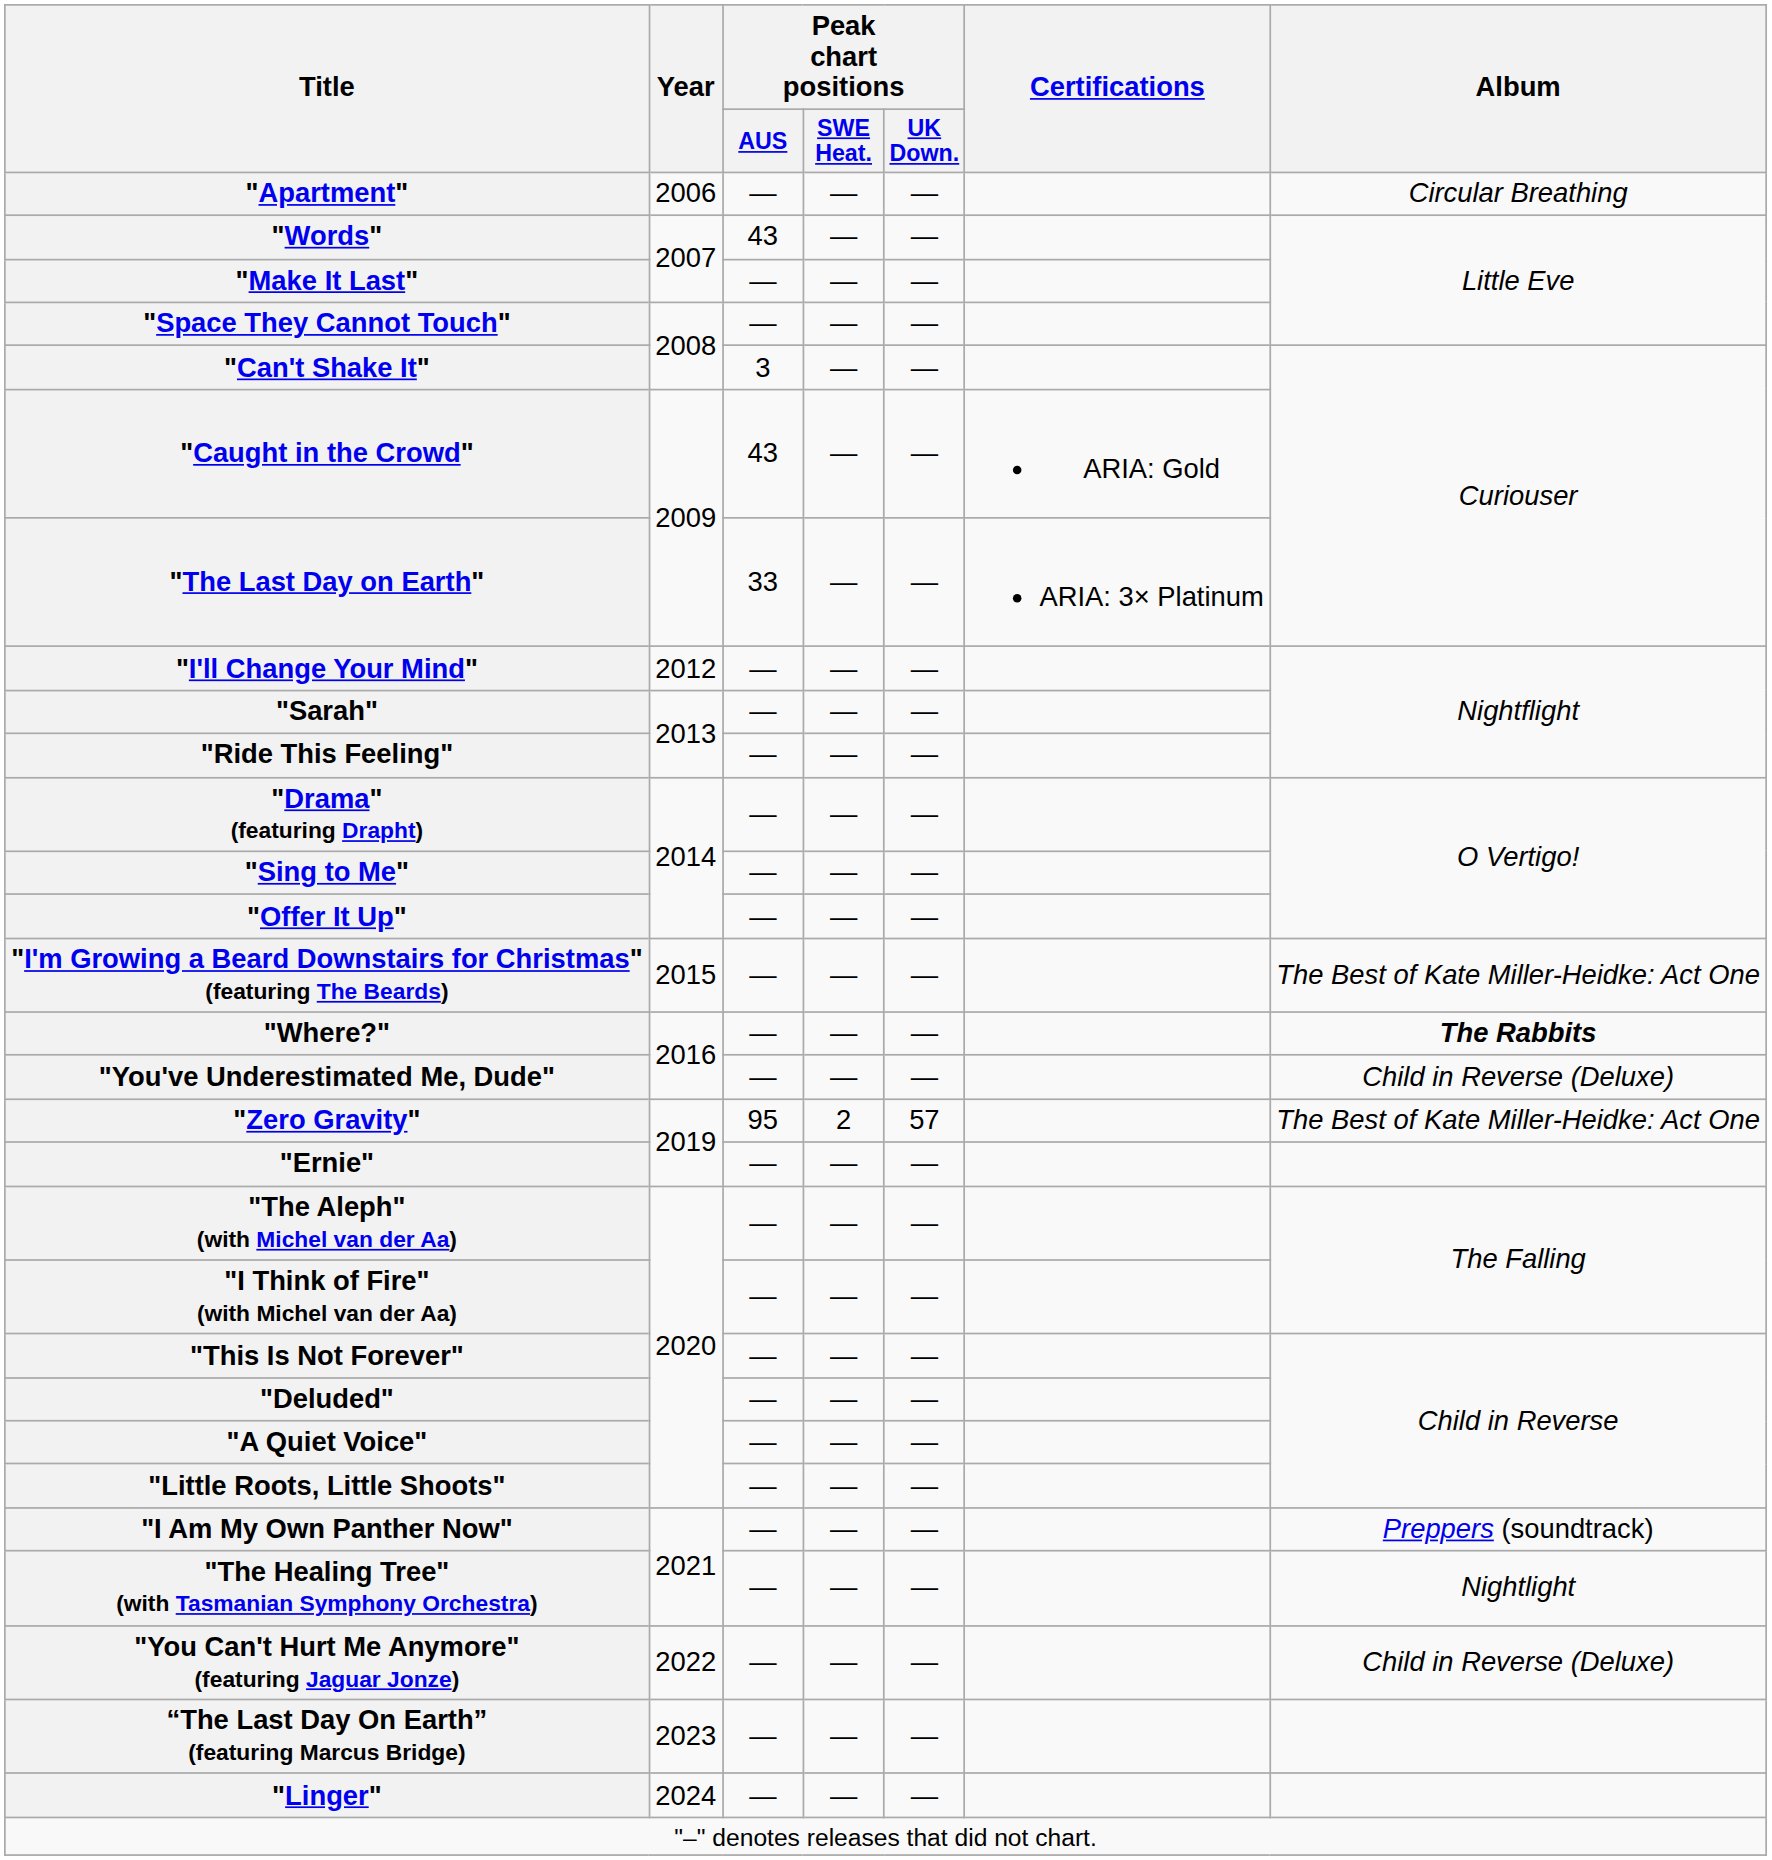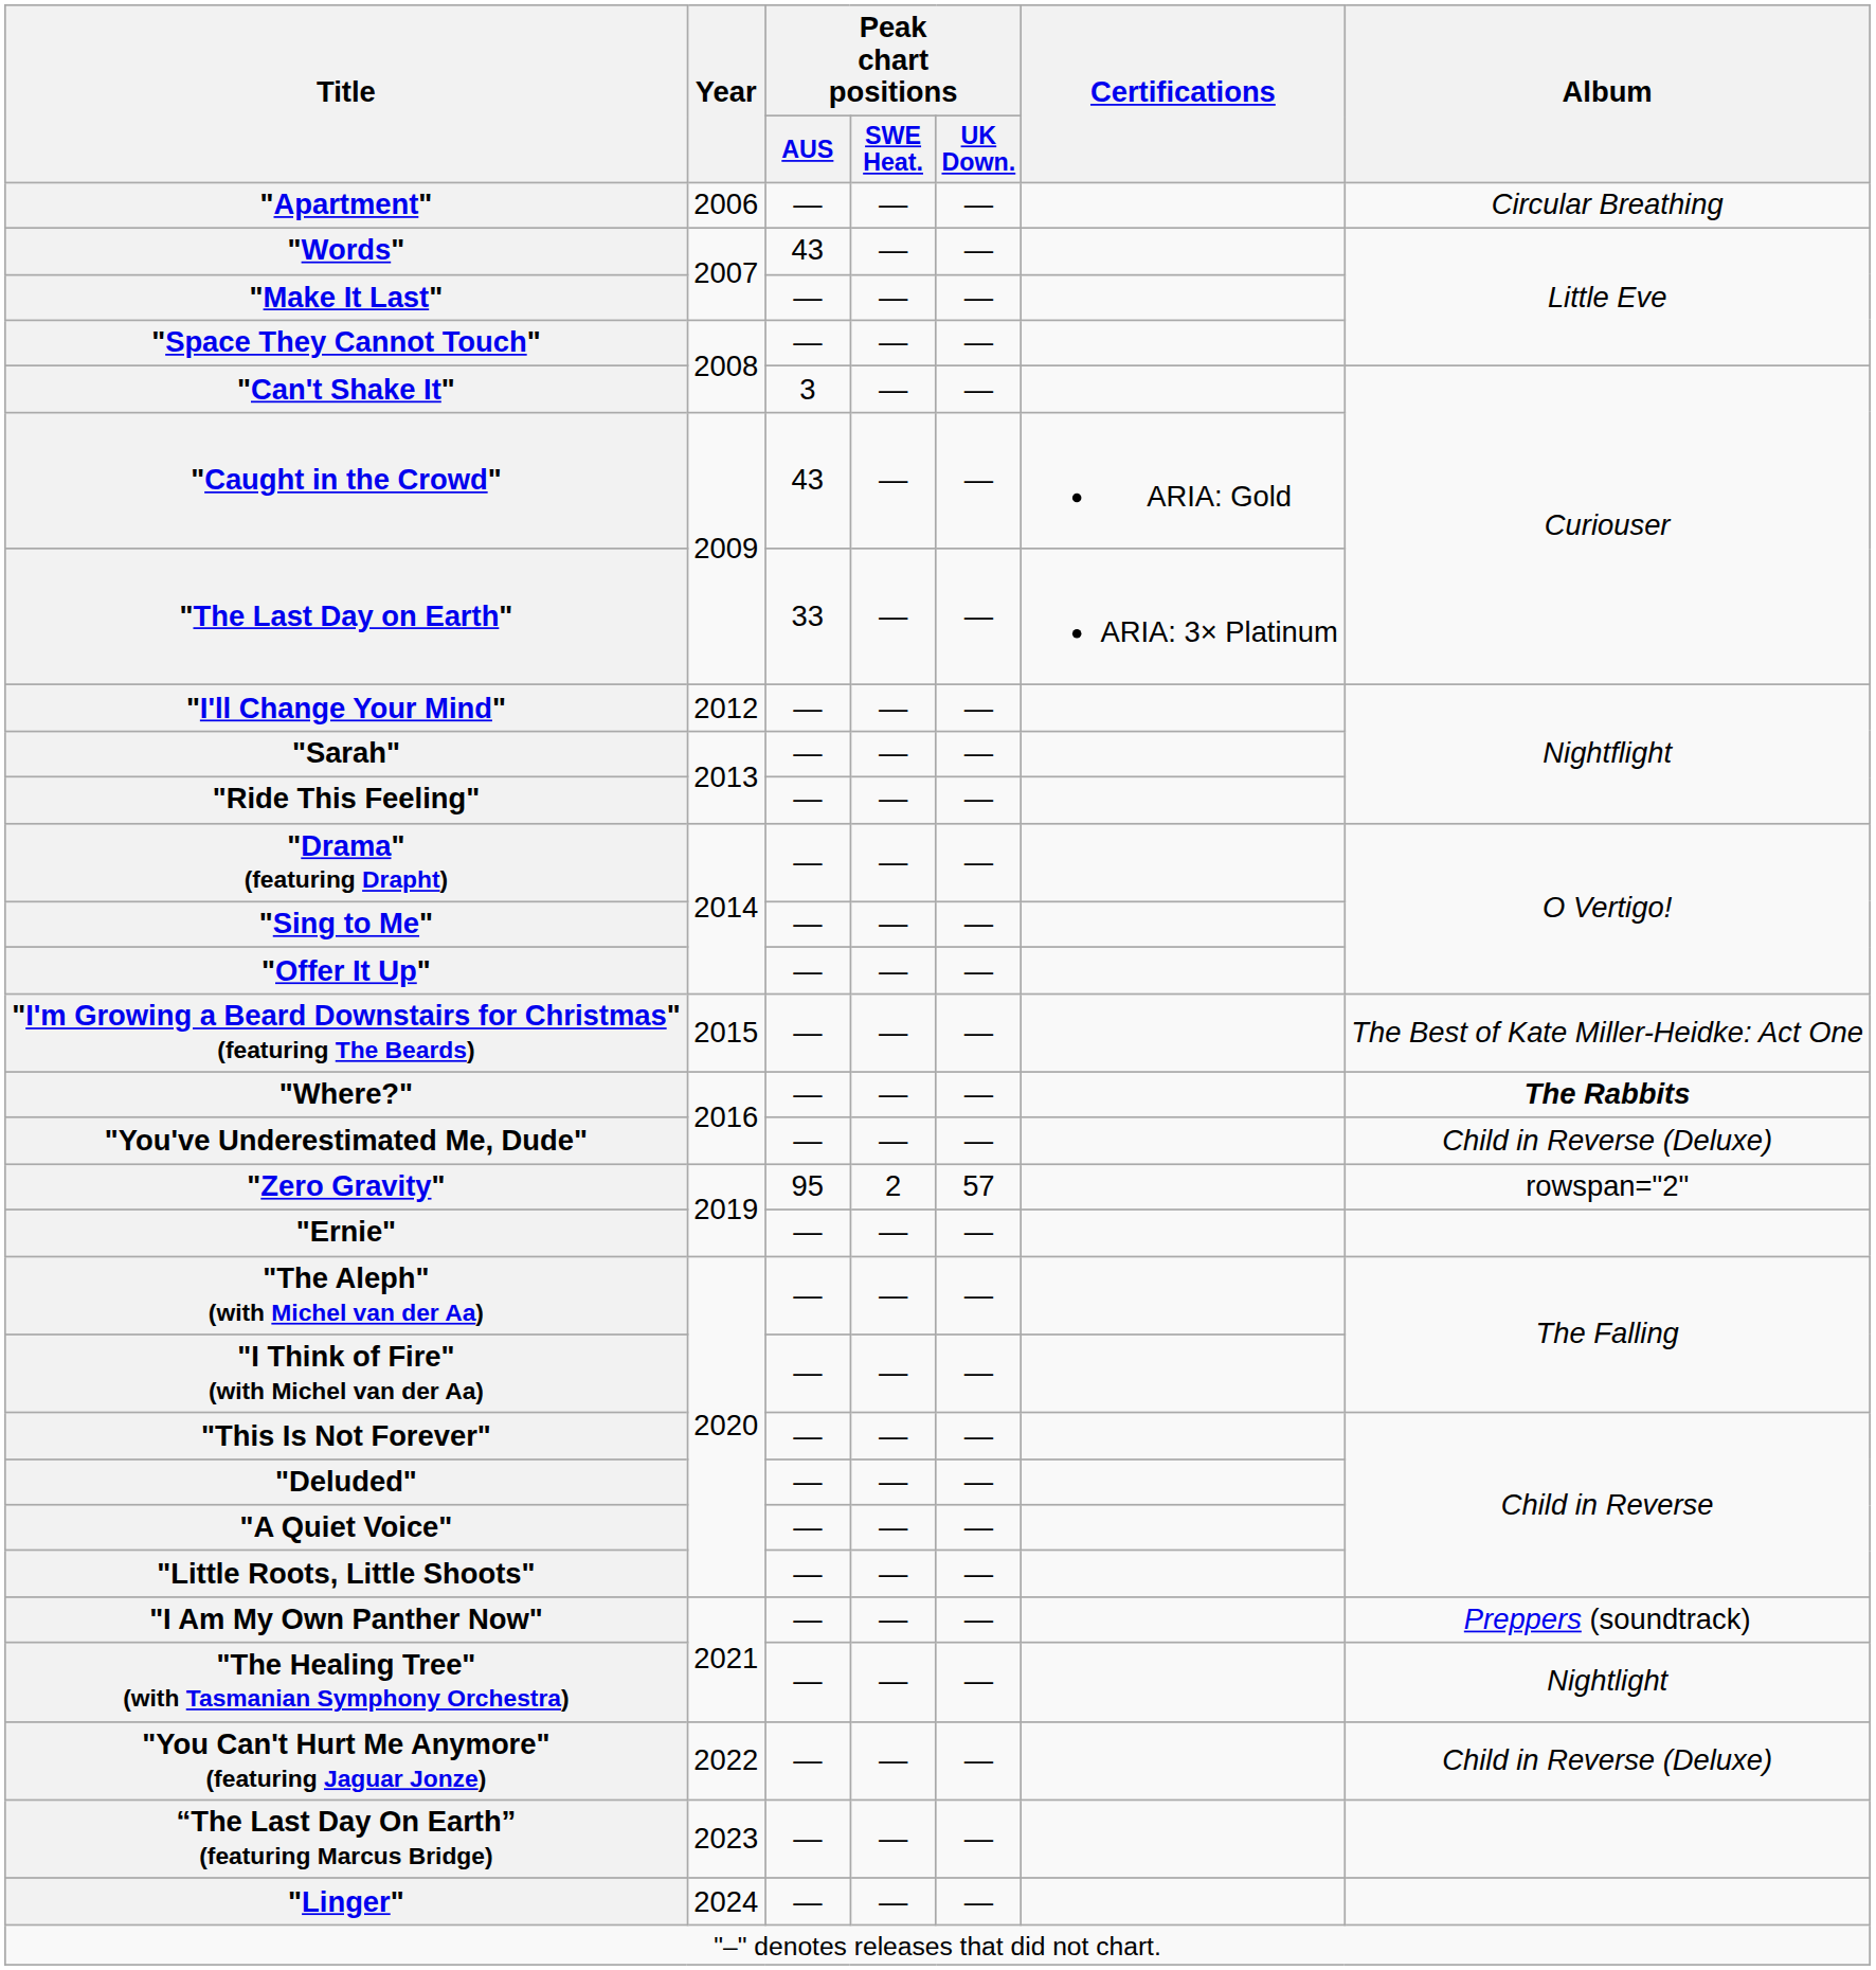 <table class="wikitable plainrowheaders" style="text-align:center">
 <tr>
 <th scope="col" rowspan="2">Title</th>
 <th scope="col" rowspan="2">Year</th>
 <th scope="col" colspan="3">Peak<br>chart<br>positions</th>
 <th scope="col" rowspan="2"><a href='#'>Certifications</a></th>
 <th scope="col" rowspan="2">Album</th>
 </tr>
 <tr>
 <th scope="col" style="width:3em;font-size:85%;"><a href='#'>AUS</a><br></th>
 <th scope="col" style="width:3em;font-size:85%;"><a href='#'>SWE<br>Heat.</a><br></th>
 <th scope="col" style="width:3em;font-size:85%;"><a href='#'>UK<br>Down.</a><br></th>
 </tr>
 <tr>
 <th scope="row">"<a href='#'>Apartment</a>"</th>
 <td>2006</td>
 <td>—</td>
 <td>—</td>
 <td>—</td>
 <td></td>
 <td><em>Circular Breathing</em></td>
 </tr>
 <tr>
 <th scope="row">"<a href='#'>Words</a>"</th>
 <td rowspan="2">2007</td>
 <td>43</td>
 <td>—</td>
 <td>—</td>
 <td></td>
 <td rowspan="3"><em>Little Eve</em></td>
 </tr>
 <tr>
 <th scope="row">"<a href='#'>Make It Last</a>"</th>
 <td>—</td>
 <td>—</td>
 <td>—</td>
 <td></td>
 </tr>
 <tr>
 <th scope="row">"<a href='#'>Space They Cannot Touch</a>"</th>
 <td rowspan="2">2008</td>
 <td>—</td>
 <td>—</td>
 <td>—</td>
 <td></td>
 </tr>
 <tr>
 <th scope="row">"<a href='#'>Can't Shake It</a>"</th>
 <td>3</td>
 <td>—</td>
 <td>—</td>
 <td></td>
 <td rowspan="3"><em>Curiouser</em></td>
 </tr>
 <tr>
 <th scope="row">"<a href='#'>Caught in the Crowd</a>"</th>
 <td rowspan="2">2009</td>
 <td>43</td>
 <td>—</td>
 <td>—</td>
 <td><br><ul><li>ARIA: Gold</li></ul></td>
 </tr>
 <tr>
 <th scope="row">"<a href='#'>The Last Day on Earth</a>"</th>
 <td>33</td>
 <td>—</td>
 <td>—</td>
 <td><br><ul><li>ARIA: 3× Platinum</li></ul></td>
 </tr>
 <tr>
 <th scope="row">"<a href='#'>I'll Change Your Mind</a>"</th>
 <td>2012</td>
 <td>—</td>
 <td>—</td>
 <td>—</td>
 <td></td>
 <td rowspan="3"><em>Nightflight</em></td>
 </tr>
 <tr>
 <th scope="row">"Sarah"</th>
 <td rowspan="2">2013</td>
 <td>—</td>
 <td>—</td>
 <td>—</td>
 <td></td>
 </tr>
 <tr>
 <th scope="row">"Ride This Feeling"</th>
 <td>—</td>
 <td>—</td>
 <td>—</td>
 <td></td>
 </tr>
 <tr>
 <th scope="row">"<a href='#'>Drama</a>"<br><small>(featuring <a href='#'>Drapht</a>)</small></th>
 <td rowspan="3">2014</td>
 <td>—</td>
 <td>—</td>
 <td>—</td>
 <td></td>
 <td rowspan="3"><em>O Vertigo!</em></td>
 </tr>
 <tr>
 <th scope="row">"<a href='#'>Sing to Me</a>"</th>
 <td>—</td>
 <td>—</td>
 <td>—</td>
 <td></td>
 </tr>
 <tr>
 <th scope="row">"<a href='#'>Offer It Up</a>"</th>
 <td>—</td>
 <td>—</td>
 <td>—</td>
 <td></td>
 </tr>
 <tr>
 <th scope="row">"<a href='#'>I'm Growing a Beard Downstairs for Christmas</a>"<br><small>(featuring <a href='#'>The Beards</a>)</small></th>
 <td>2015</td>
 <td>—</td>
 <td>—</td>
 <td>—</td>
 <td></td>
 <td><em>The Best of Kate Miller-Heidke: Act One</em></td>
 </tr>
 <tr>
 <th scope="row">"Where?"</th>
 <td rowspan="2">2016</td>
 <td>—</td>
 <td>—</td>
 <td>—</td>
 <td></td>
 <td><strong><em>The Rabbits</em></strong></td>
 </tr>
 <tr>
 <th scope="row">"You've Underestimated Me, Dude"</th>
 <td>—</td>
 <td>—</td>
 <td>—</td>
 <td></td>
 <td><em>Child in Reverse (Deluxe)</em></td>
 </tr>
 <tr>
 <th scope="row">"<a href='#'>Zero Gravity</a>"</th>
 <td rowspan="2">2019</td>
 <td>95</td>
 <td>2</td>
 <td>57</td>
 <td></td>
-<td><em>The Best of Kate Miller-Heidke: Act One</em></td>
+<td>rowspan="2" </td>
 </tr>
 <tr>
 <th scope="row">"Ernie"</th>
 <td>—</td>
 <td>—</td>
 <td>—</td>
 <td></td>
 </tr>
 <tr>
 <th scope="row">"The Aleph"<br><small>(with <a href='#'>Michel van der Aa</a>)</small></th>
 <td rowspan="6">2020</td>
 <td>—</td>
 <td>—</td>
 <td>—</td>
 <td></td>
 <td rowspan="2"><em>The Falling</em></td>
 </tr>
 <tr>
 <th scope="row">"I Think of Fire"<br><small>(with Michel van der Aa)</small></th>
 <td>—</td>
 <td>—</td>
 <td>—</td>
 <td></td>
 </tr>
 <tr>
 <th scope="row">"This Is Not Forever"</th>
 <td>—</td>
 <td>—</td>
 <td>—</td>
 <td></td>
 <td rowspan="4"><em>Child in Reverse</em></td>
 </tr>
 <tr>
 <th scope="row">"Deluded"</th>
 <td>—</td>
 <td>—</td>
 <td>—</td>
 <td></td>
 </tr>
 <tr>
 <th scope="row">"A Quiet Voice"</th>
 <td>—</td>
 <td>—</td>
 <td>—</td>
 <td></td>
 </tr>
 <tr>
 <th scope="row">"Little Roots, Little Shoots"</th>
 <td>—</td>
 <td>—</td>
 <td>—</td>
 <td></td>
 </tr>
 <tr>
 <th scope="row">"I Am My Own Panther Now"</th>
 <td rowspan="2">2021</td>
 <td>—</td>
 <td>—</td>
 <td>—</td>
 <td></td>
 <td><em><a href='#'>Preppers</a></em> (soundtrack)</td>
 </tr>
 <tr>
 <th scope="row">"The Healing Tree"<br><small>(with <a href='#'>Tasmanian Symphony Orchestra</a>)</small></th>
 <td>—</td>
 <td>—</td>
 <td>—</td>
 <td></td>
 <td><em>Nightlight</em></td>
 </tr>
 <tr>
 <th scope="row">"You Can't Hurt Me Anymore"<br><small>(featuring <a href='#'>Jaguar Jonze</a>)</small></th>
 <td rowspan="1">2022</td>
 <td>—</td>
 <td>—</td>
 <td>—</td>
 <td></td>
 <td><em>Child in Reverse (Deluxe)</em></td>
 </tr>
 <tr>
 <th>“The Last Day On Earth” <br><small>(featuring Marcus Bridge)</small></th>
 <td rowspan="1">2023</td>
 <td>—</td>
 <td>—</td>
 <td>—</td>
 <td></td>
 <td></td>
 </tr>
 <tr>
 <th scope="row">"<a href='#'>Linger</a>"</th>
 <td rowspan="1">2024</td>
 <td>—</td>
 <td>—</td>
 <td>—</td>
 <td></td>
 <td></td>
 </tr>
 <tr>
 <td colspan="7" style="font-size:90%">"–" denotes releases that did not chart.</td>
 </tr>
 </table>
